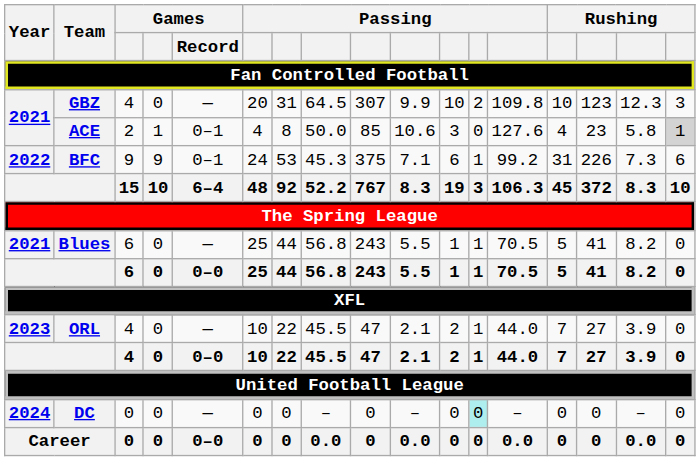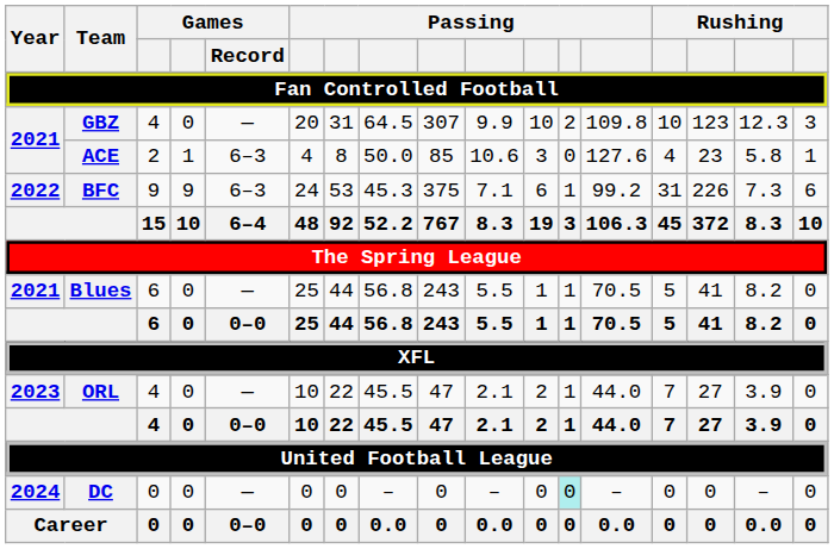 <table class="wikitable" style="text-align:center;">
 <tr>
 <th rowspan="2">Year</th>
 <th rowspan="2">Team</th>
 <th colspan="3">Games</th>
 <th colspan="8">Passing</th>
 <th colspan="4">Rushing</th>
 </tr>
 <tr>
 <th></th>
 <th></th>
 <th>Record</th>
 <th></th>
 <th></th>
 <th></th>
 <th></th>
 <th></th>
 <th></th>
 <th></th>
 <th></th>
 <th></th>
 <th></th>
 <th></th>
 <th></th>
 </tr>
 <tr>
 <th colspan="17" style="background-color: black; color: white; box-shadow: inset 2px 2px 0 #e1e720, inset -2px -2px 0 #e1e720;">Fan Controlled Football</th>
 </tr>
 <tr>
 <th rowspan="2"><a href='#'>2021</a></th>
 <th><a href='#'>GBZ</a></th>
 <td>4</td>
 <td>0</td>
 <td>―</td>
 <td>20</td>
 <td>31</td>
 <td>64.5</td>
 <td>307</td>
 <td>9.9</td>
 <td>10</td>
 <td>2</td>
 <td>109.8</td>
 <td>10</td>
 <td>123</td>
 <td>12.3</td>
 <td>3</td>
 </tr>
 <tr>
 <th><a href='#'>ACE</a></th>
 <td>2</td>
 <td>1</td>
-<td>0–1</td>
+<td>6–3</td>
 <td>4</td>
 <td>8</td>
 <td>50.0</td>
 <td>85</td>
 <td>10.6</td>
 <td>3</td>
 <td>0</td>
 <td>127.6</td>
 <td>4</td>
 <td>23</td>
 <td>5.8</td>
-<td style="background: lightgrey;">1</td>
+<td>1</td>
 </tr>
 <tr>
 <th><a href='#'>2022</a></th>
 <th><a href='#'>BFC</a></th>
 <td>9</td>
 <td>9</td>
-<td>0–1</td>
+<td>6–3</td>
 <td>24</td>
 <td>53</td>
 <td>45.3</td>
 <td>375</td>
 <td>7.1</td>
 <td>6</td>
 <td>1</td>
 <td>99.2</td>
 <td>31</td>
 <td>226</td>
 <td>7.3</td>
 <td>6</td>
 </tr>
 <tr>
 <th colspan="2"></th>
 <th>15</th>
 <th>10</th>
 <th>6–4</th>
 <th>48</th>
 <th>92</th>
 <th>52.2</th>
 <th>767</th>
 <th>8.3</th>
 <th>19</th>
 <th>3</th>
 <th>106.3</th>
 <th>45</th>
 <th>372</th>
 <th>8.3</th>
 <th>10</th>
 </tr>
 <tr>
 <th colspan="17" style="background-color: #ff0000; color: white; box-shadow: inset 2px 2px 0 black, inset -2px -2px 0 black;">The Spring League</th>
 </tr>
 <tr>
 <th><a href='#'>2021</a></th>
 <th><a href='#'>Blues</a></th>
 <td>6</td>
 <td>0</td>
 <td>―</td>
 <td>25</td>
 <td>44</td>
 <td>56.8</td>
 <td>243</td>
 <td>5.5</td>
 <td>1</td>
 <td>1</td>
 <td>70.5</td>
 <td>5</td>
 <td>41</td>
 <td>8.2</td>
 <td>0</td>
 </tr>
 <tr>
 <th colspan="2"></th>
 <th>6</th>
 <th>0</th>
 <th>0–0</th>
 <th>25</th>
 <th>44</th>
 <th>56.8</th>
 <th>243</th>
 <th>5.5</th>
 <th>1</th>
 <th>1</th>
 <th>70.5</th>
 <th>5</th>
 <th>41</th>
 <th>8.2</th>
 <th>0</th>
 </tr>
 <tr>
 <th colspan="17" style="background-color: black; color: white; box-shadow: inset 2px 2px 0 silver, inset -2px -2px 0 silver;">XFL</th>
 </tr>
 <tr>
 <th><a href='#'>2023</a></th>
 <th><a href='#'>ORL</a></th>
 <td>4</td>
 <td>0</td>
 <td>―</td>
 <td>10</td>
 <td>22</td>
 <td>45.5</td>
 <td>47</td>
 <td>2.1</td>
 <td>2</td>
 <td>1</td>
 <td>44.0</td>
 <td>7</td>
 <td>27</td>
 <td>3.9</td>
 <td>0</td>
 </tr>
 <tr>
 <th colspan="2"></th>
 <th>4</th>
 <th>0</th>
 <th>0–0</th>
 <th>10</th>
 <th>22</th>
 <th>45.5</th>
 <th>47</th>
 <th>2.1</th>
 <th>2</th>
 <th>1</th>
 <th>44.0</th>
 <th>7</th>
 <th>27</th>
 <th>3.9</th>
 <th>0</th>
 </tr>
 <tr>
 <th colspan="17" style="background-color: black; color: white; box-shadow: inset 2px 2px 0 silver, inset -2px -2px 0 silver;">United Football League</th>
 </tr>
 <tr>
 <th><a href='#'>2024</a></th>
 <th><a href='#'>DC</a></th>
 <td>0</td>
 <td>0</td>
 <td>―</td>
 <td>0</td>
 <td>0</td>
 <td>–</td>
 <td>0</td>
 <td>–</td>
 <td>0</td>
 <td style="background: paleturquoise;">0</td>
 <td>–</td>
 <td>0</td>
 <td>0</td>
 <td>–</td>
 <td>0</td>
 </tr>
 <tr>
 <th colspan="2">Career</th>
 <th>0</th>
 <th>0</th>
 <th>0–0</th>
 <th>0</th>
 <th>0</th>
 <th>0.0</th>
 <th>0</th>
 <th>0.0</th>
 <th>0</th>
 <th>0</th>
 <th>0.0</th>
 <th>0</th>
 <th>0</th>
 <th>0.0</th>
 <th>0</th>
 </tr>
 </table>
